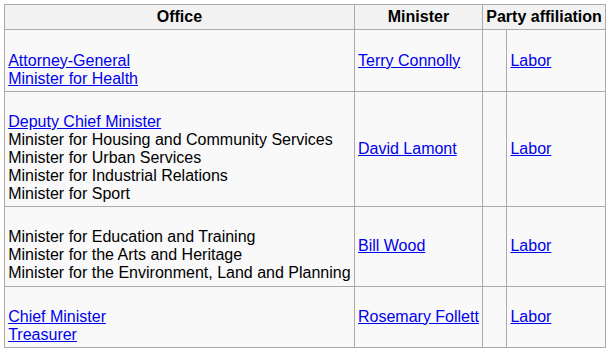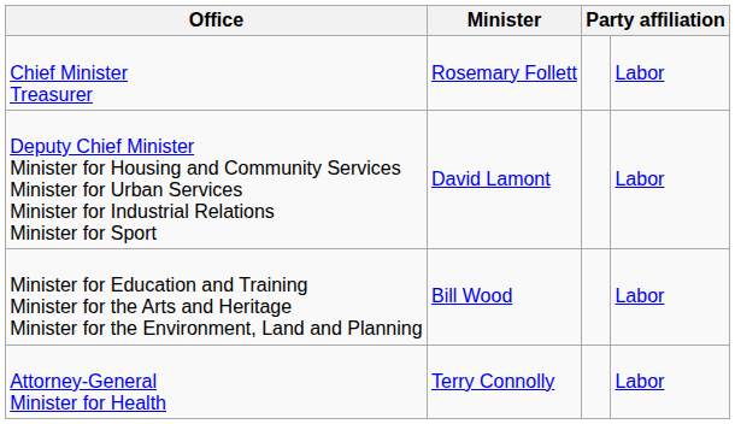 <table class="wikitable">
 <tr>
 <th>Office</th>
 <th>Minister</th>
 <th colspan=2>Party affiliation</th>
 </tr>
 <tr>
-<td><br><a href='#'>Attorney-General</a><br> <a href='#'>Minister for Health</a></td>
-<td><a href='#'>Terry Connolly</a></td>
+<td><br><a href='#'>Chief Minister</a><br> <a href='#'>Treasurer</a></td>
+<td><a href='#'>Rosemary Follett</a></td>
 <td> </td>
 <td><a href='#'>Labor</a></td>
 </tr>
 <tr>
 <td><br><a href='#'>Deputy Chief Minister</a><br> Minister for Housing and Community Services<br> Minister for Urban Services<br> Minister for Industrial Relations<br> Minister for Sport</td>
 <td><a href='#'>David Lamont</a></td>
 <td> </td>
 <td><a href='#'>Labor</a></td>
 </tr>
 <tr>
 <td><br>Minister for Education and Training<br> Minister for the Arts and Heritage<br> Minister for the Environment, Land and Planning</td>
 <td><a href='#'>Bill Wood</a></td>
 <td> </td>
 <td><a href='#'>Labor</a></td>
 </tr>
 <tr>
-<td><br><a href='#'>Chief Minister</a><br> <a href='#'>Treasurer</a></td>
-<td><a href='#'>Rosemary Follett</a></td>
+<td><br><a href='#'>Attorney-General</a><br> <a href='#'>Minister for Health</a></td>
+<td><a href='#'>Terry Connolly</a></td>
 <td> </td>
 <td><a href='#'>Labor</a></td>
 </tr>
 <tr>
 </tr>
 </table>
